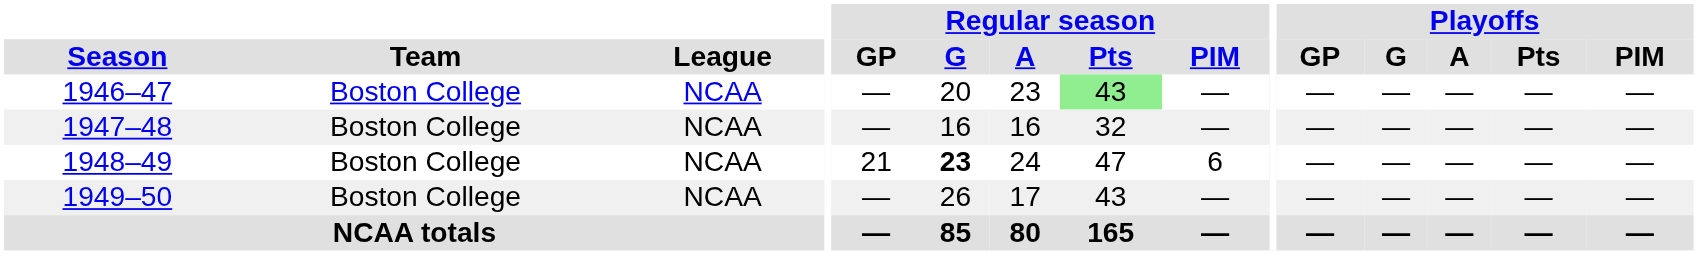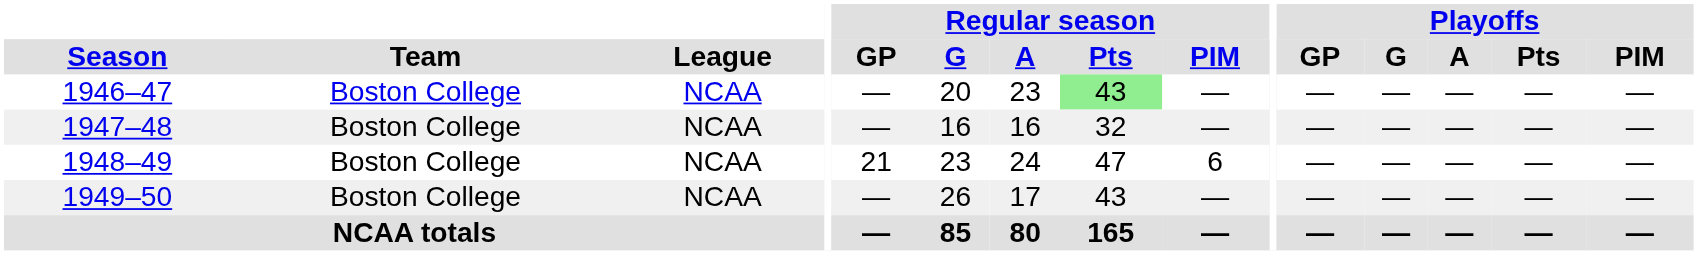 <table border="0" cellpadding="1" cellspacing="0" style="text-align:center; width:60em">
 <tr bgcolor="#e0e0e0">
 <th colspan="3" bgcolor="#ffffff"></th>
 <th rowspan="99" bgcolor="#ffffff"></th>
 <th colspan="5"><a href='#'>Regular season</a></th>
 <th rowspan="99" bgcolor="#ffffff"></th>
 <th colspan="5"><a href='#'>Playoffs</a></th>
 </tr>
 <tr bgcolor="#e0e0e0">
 <th><a href='#'>Season</a></th>
 <th>Team</th>
 <th>League</th>
 <th>GP</th>
 <th><a href='#'>G</a></th>
 <th><a href='#'>A</a></th>
 <th><a href='#'>Pts</a></th>
 <th><a href='#'>PIM</a></th>
 <th>GP</th>
 <th>G</th>
 <th>A</th>
 <th>Pts</th>
 <th>PIM</th>
 </tr>
 <tr>
 </tr>
 <tr>
 <td><a href='#'>1946–47</a></td>
 <td><a href='#'>Boston College</a></td>
 <td><a href='#'>NCAA</a></td>
 <td>—</td>
 <td>20</td>
 <td>23</td>
 <td style="background: lightgreen;">43</td>
 <td>—</td>
 <td>—</td>
 <td>—</td>
 <td>—</td>
 <td>—</td>
 <td>—</td>
 </tr>
 <tr bgcolor="#f0f0f0">
 <td><a href='#'>1947–48</a></td>
 <td>Boston College</td>
 <td>NCAA</td>
 <td>—</td>
 <td>16</td>
 <td>16</td>
 <td>32</td>
 <td>—</td>
 <td>—</td>
 <td>—</td>
 <td>—</td>
 <td>—</td>
 <td>—</td>
 </tr>
 <tr>
 <td><a href='#'>1948–49</a></td>
 <td>Boston College</td>
 <td>NCAA</td>
 <td>21</td>
-<td><strong>23</strong></td>
+<td>23</td>
 <td>24</td>
 <td>47</td>
 <td>6</td>
 <td>—</td>
 <td>—</td>
 <td>—</td>
 <td>—</td>
 <td>—</td>
 </tr>
 <tr bgcolor="#f0f0f0">
 <td><a href='#'>1949–50</a></td>
 <td>Boston College</td>
 <td>NCAA</td>
 <td>—</td>
 <td>26</td>
 <td>17</td>
 <td>43</td>
 <td>—</td>
 <td>—</td>
 <td>—</td>
 <td>—</td>
 <td>—</td>
 <td>—</td>
 </tr>
 <tr bgcolor="#e0e0e0">
 <th colspan="3">NCAA totals</th>
 <th>—</th>
 <th>85</th>
 <th>80</th>
 <th>165</th>
 <th>—</th>
 <th>—</th>
 <th>—</th>
 <th>—</th>
 <th>—</th>
 <th>—</th>
 </tr>
 </table>
